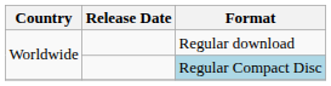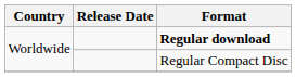 <table class="wikitable">
 <tr>
 <th>Country</th>
 <th>Release Date</th>
 <th>Format</th>
 </tr>
 <tr>
 <td rowspan="2">Worldwide</td>
 <td></td>
-<td>Regular download</td>
+<td><strong>Regular download</strong></td>
 </tr>
 <tr>
 <td></td>
-<td style="background: lightblue;">Regular Compact Disc</td>
+<td>Regular Compact Disc</td>
 </tr>
 <tr>
 </tr>
 </table>
